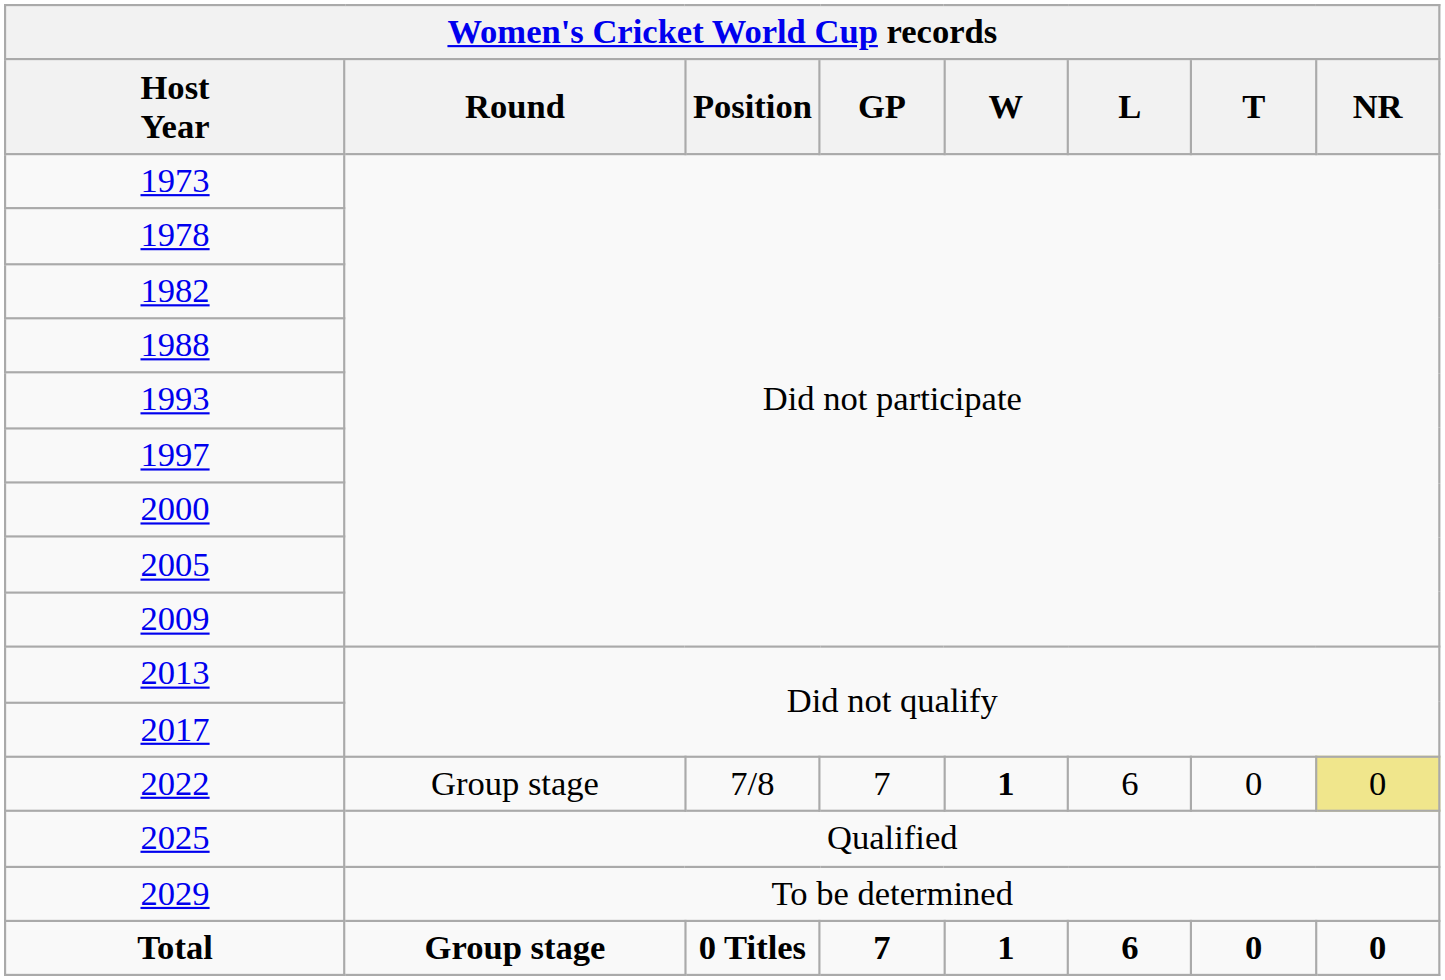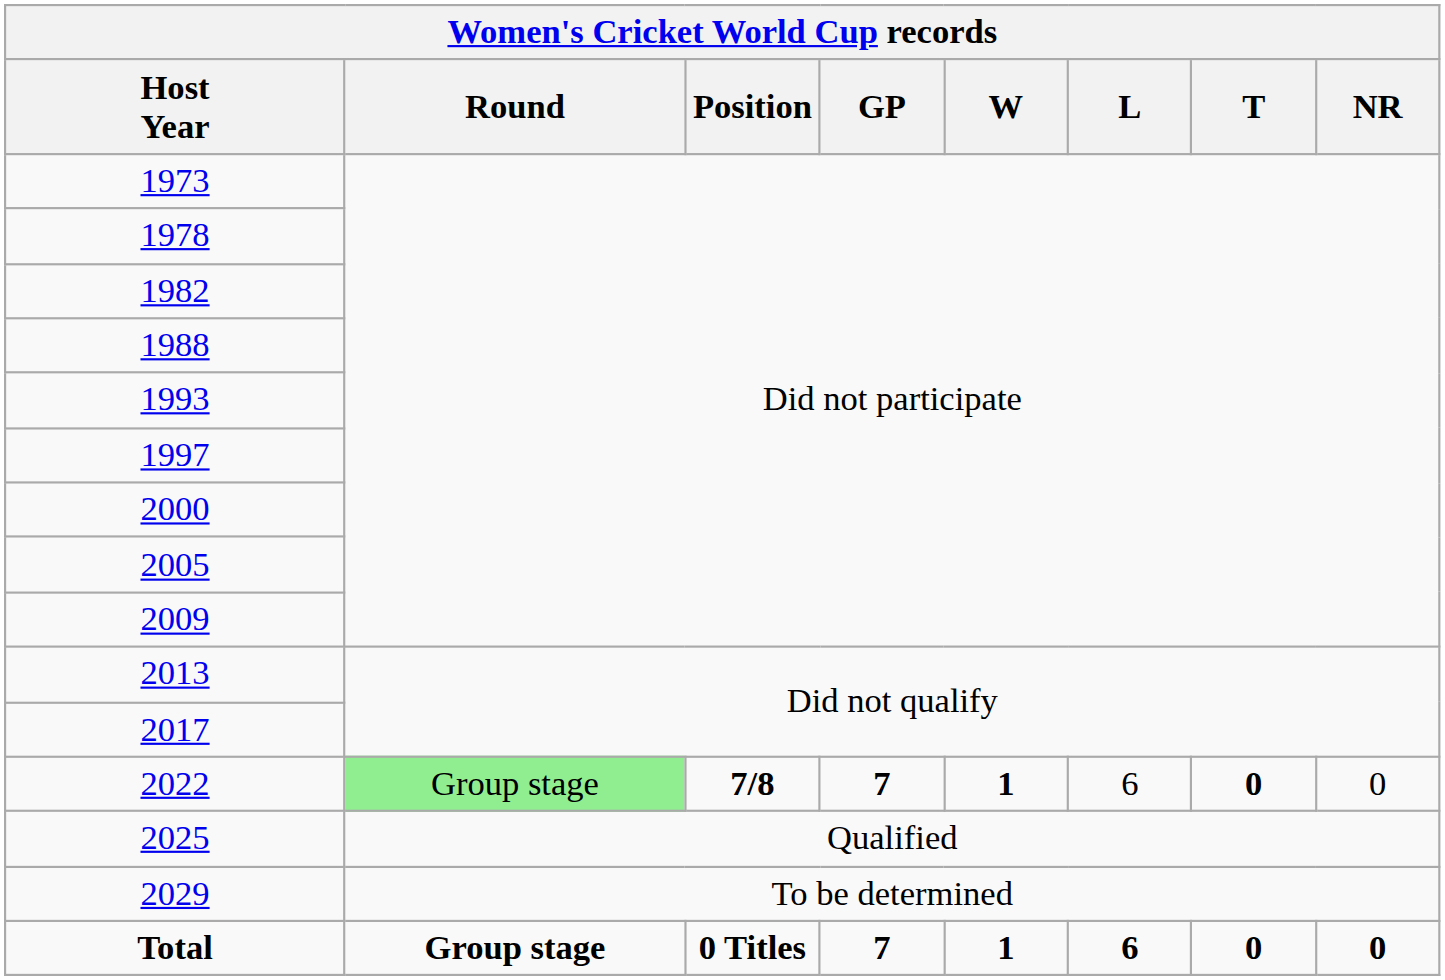 <table class="wikitable" style="text-align: center;">
 <tr>
 <th colspan=8><a href='#'>Women's Cricket World Cup</a> records</th>
 </tr>
 <tr>
 <th width=150>Host<br>Year</th>
 <th width=150>Round</th>
 <th width=50>Position</th>
 <th width=50>GP</th>
 <th width=50>W</th>
 <th width=50>L</th>
 <th width=50>T</th>
 <th width=50>NR</th>
 </tr>
 <tr>
 <td> <a href='#'>1973</a></td>
 <td colspan=7  rowspan=9>Did not participate</td>
 </tr>
 <tr>
 <td> <a href='#'>1978</a></td>
 </tr>
 <tr>
 <td> <a href='#'>1982</a></td>
 </tr>
 <tr>
 <td> <a href='#'>1988</a></td>
 </tr>
 <tr>
 <td> <a href='#'>1993</a></td>
 </tr>
 <tr>
 <td> <a href='#'>1997</a></td>
 </tr>
 <tr>
 <td> <a href='#'>2000</a></td>
 </tr>
 <tr>
 <td> <a href='#'>2005</a></td>
 </tr>
 <tr>
 <td> <a href='#'>2009</a></td>
 </tr>
 <tr>
 <td> <a href='#'>2013</a></td>
 <td colspan=7  rowspan=2>Did not qualify</td>
 </tr>
 <tr>
 <td> <a href='#'>2017</a></td>
 </tr>
 <tr>
 <td> <a href='#'>2022</a></td>
-<td>Group stage</td>
-<td>7/8</td>
-<td>7</td>
+<td style="background: lightgreen;">Group stage</td>
+<td><strong>7/8</strong></td>
+<td><strong>7</strong></td>
 <td><strong>1</strong></td>
 <td>6</td>
+<td><strong>0</strong></td>
 <td>0</td>
-<td style="background: khaki;">0</td>
 </tr>
 <tr>
 <td> <a href='#'>2025</a></td>
 <td colspan="7">Qualified</td>
 </tr>
 <tr>
 <td> <a href='#'>2029</a></td>
 <td colspan=8>To be determined</td>
 </tr>
 <tr>
 <td><strong>Total</strong></td>
 <td><strong>Group stage</strong></td>
 <td><strong>0 Titles</strong></td>
 <td><strong>7</strong></td>
 <td><strong>1</strong></td>
 <td><strong>6</strong></td>
 <td><strong>0</strong></td>
 <td><strong>0</strong></td>
 </tr>
 </table>
